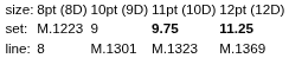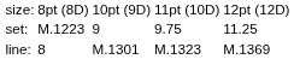 <table style="margin-left:40px;">
 <tr>
 <td>size:</td>
 <td>8pt (8D)</td>
 <td>10pt (9D)</td>
 <td>11pt (10D)</td>
 <td>12pt (12D)</td>
 </tr>
 <tr>
 <td>set:</td>
 <td>M.1223</td>
 <td>9</td>
-<td><strong>9.75</strong></td>
-<td><strong>11.25</strong></td>
+<td>9.75</td>
+<td>11.25</td>
 </tr>
 <tr>
 <td>line:</td>
 <td>8</td>
 <td>M.1301</td>
 <td>M.1323</td>
 <td>M.1369</td>
 </tr>
 </table>
